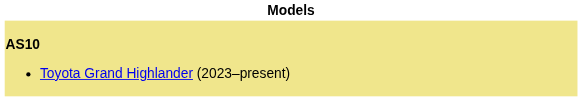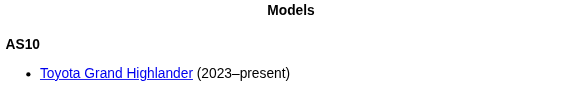 <table>
 <tr>
 <th style="width:50%">Models</th>
 </tr>
 <tr>
-<td style="background: khaki; width:50%"><br><strong>AS10</strong><ul><li><a href='#'>Toyota Grand Highlander</a> (2023–present)</li></ul></td>
+<td style="width:50%"><br><strong>AS10</strong><ul><li><a href='#'>Toyota Grand Highlander</a> (2023–present)</li></ul></td>
 </tr>
 </table>
